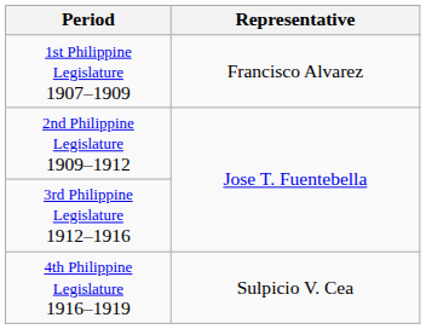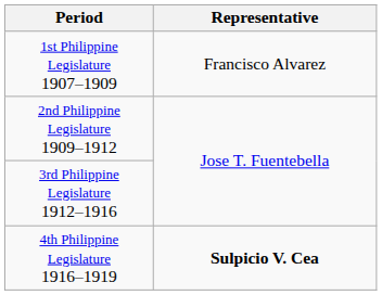 <table class="wikitable" style="text-align:center; width:40%;">
 <tr>
 <th width=40%>Period</th>
 <th>Representative</th>
 </tr>
 <tr>
 <td><small><a href='#'>1st Philippine Legislature</a></small><br>1907–1909</td>
 <td>Francisco Alvarez</td>
 </tr>
 <tr>
 <td><small><a href='#'>2nd Philippine Legislature</a></small><br>1909–1912</td>
 <td rowspan=2><a href='#'>Jose T. Fuentebella</a></td>
 </tr>
 <tr>
 <td><small><a href='#'>3rd Philippine Legislature</a></small><br>1912–1916</td>
 </tr>
 <tr>
 <td><small><a href='#'>4th Philippine Legislature</a></small><br>1916–1919</td>
-<td>Sulpicio V. Cea</td>
+<td><strong>Sulpicio V. Cea</strong></td>
 </tr>
 </table>
